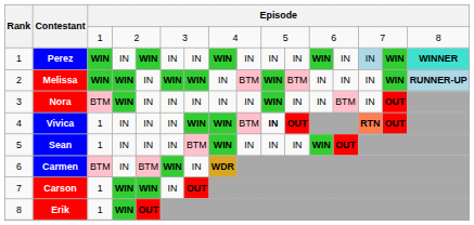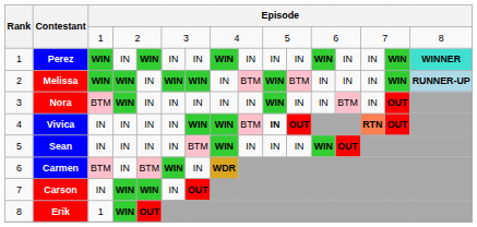 <table class="wikitable" style="text-align: center; font-size: 8.5pt; line-height:20px;">
 <tr>
 <th rowspan="2">Rank</th>
 <th rowspan="2">Contestant</th>
 <th colspan="14">Episode</th>
 </tr>
 <tr>
 <td>1</td>
 <td colspan="2">2</td>
 <td colspan="2">3</td>
 <td colspan="2">4</td>
 <td colspan="2">5</td>
 <td colspan="2">6</td>
 <td colspan="2">7</td>
 <td>8</td>
 </tr>
 <tr>
 <td>1</td>
 <td style="background:blue; color:white;"><strong>Perez</strong></td>
 <td style="background:limegreen;"><strong>WIN</strong></td>
 <td>IN</td>
 <td style="background:limegreen;"><strong>WIN</strong></td>
 <td>IN</td>
 <td>IN</td>
 <td style="background:limegreen;"><strong>WIN</strong></td>
 <td>IN</td>
 <td>IN</td>
 <td>IN</td>
 <td style="background:limegreen;"><strong>WIN</strong></td>
 <td>IN</td>
-<td style="background: lightblue;">IN</td>
+<td>IN</td>
 <td style="background:limegreen;"><strong>WIN</strong></td>
 <td style="background:turquoise;"><strong>WINNER</strong></td>
 </tr>
 <tr>
 <td>2</td>
 <td style="background:red; color:white;"><strong>Melissa</strong></td>
 <td style="background:limegreen;"><strong>WIN</strong></td>
 <td style="background:limegreen;"><strong>WIN</strong></td>
 <td>IN</td>
 <td style="background:limegreen;"><strong>WIN</strong></td>
 <td style="background:limegreen;"><strong>WIN</strong></td>
 <td>IN</td>
 <td style="background:pink;">BTM</td>
 <td style="background:limegreen;"><strong>WIN</strong></td>
 <td style="background:pink;">BTM</td>
 <td>IN</td>
 <td>IN</td>
 <td>IN</td>
 <td style="background:limegreen;"><strong>WIN</strong></td>
 <td style="background:lightblue;"><strong>RUNNER-UP</strong></td>
 </tr>
 <tr>
 <td>3</td>
 <td style="background:red; color:white;"><strong>Nora</strong></td>
 <td style="background:pink;">BTM</td>
 <td style="background:limegreen;"><strong>WIN</strong></td>
 <td>IN</td>
 <td>IN</td>
 <td>IN</td>
 <td>IN</td>
 <td>IN</td>
 <td style="background:limegreen;"><strong>WIN</strong></td>
 <td>IN</td>
 <td>IN</td>
 <td style="background:pink;">BTM</td>
 <td>IN</td>
 <td style="background:red;"><strong>OUT</strong></td>
 <td colspan="1" style="background:darkgrey;"></td>
 </tr>
 <tr>
 <td>4</td>
 <td style="background:blue; color:white;"><strong>Vivica</strong></td>
-<td>1</td>
+<td>IN</td>
 <td>IN</td>
 <td>IN</td>
 <td>IN</td>
 <td style="background:limegreen;"><strong>WIN</strong></td>
 <td style="background:limegreen;"><strong>WIN</strong></td>
 <td style="background:pink;">BTM</td>
 <td><strong>IN</strong></td>
 <td style="background:red;"><strong>OUT</strong></td>
 <td colspan="2" style="background:darkgrey;"></td>
 <td style="background:coral;"><strong>RTN</strong></td>
 <td style="background:red;"><strong>OUT</strong></td>
 <td colspan="1" style="background:darkgrey;"></td>
 </tr>
 <tr>
 <td>5</td>
 <td style="background:blue; color:white;"><strong>Sean</strong></td>
-<td>1</td>
+<td>IN</td>
 <td>IN</td>
 <td>IN</td>
 <td>IN</td>
 <td style="background:pink;">BTM</td>
 <td style="background:limegreen;"><strong>WIN</strong></td>
 <td>IN</td>
 <td>IN</td>
 <td>IN</td>
 <td style="background:limegreen;"><strong>WIN</strong></td>
 <td style="background:red;"><strong>OUT</strong></td>
 <td colspan="3" style="background:darkgrey;"></td>
 </tr>
 <tr>
 <td>6</td>
 <td style="background:blue; color:white;"><strong>Carmen</strong></td>
 <td style="background:pink;">BTM</td>
 <td>IN</td>
 <td style="background:pink;">BTM</td>
 <td style="background:limegreen;"><strong>WIN</strong></td>
 <td>IN</td>
 <td style="background:goldenrod;"><strong>WDR</strong></td>
 <td colspan="8" style="background:darkgrey;"></td>
 </tr>
 <tr>
 <td>7</td>
 <td style="background:red; color:white;"><strong>Carson</strong></td>
-<td>1</td>
+<td>IN</td>
 <td style="background:limegreen;"><strong>WIN</strong></td>
 <td style="background:limegreen;"><strong>WIN</strong></td>
 <td>IN</td>
 <td style="background:red;"><strong>OUT</strong></td>
 <td colspan="9" style="background:darkgrey;"></td>
 </tr>
 <tr>
 <td>8</td>
 <td style="background:red; color:white;"><strong>Erik</strong></td>
 <td>1</td>
 <td style="background:limegreen;"><strong>WIN</strong></td>
 <td style="background:red;"><strong>OUT</strong></td>
 <td colspan="11" style="background:darkgrey;"></td>
 </tr>
 <tr>
 </tr>
 </table>
